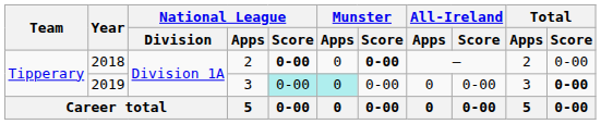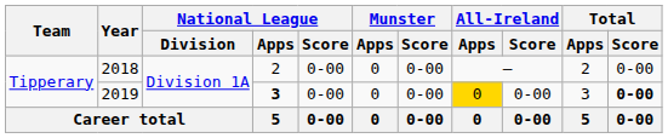 <table class="wikitable" style="text-align:center">
 <tr>
 <th rowspan="2">Team</th>
 <th rowspan="2">Year</th>
 <th colspan="3"><a href='#'>National League</a></th>
 <th colspan="2"><a href='#'>Munster</a></th>
 <th colspan="2"><a href='#'>All-Ireland</a></th>
 <th colspan="2">Total</th>
 </tr>
 <tr>
 <th>Division</th>
 <th>Apps</th>
 <th>Score</th>
 <th>Apps</th>
 <th>Score</th>
 <th>Apps</th>
 <th>Score</th>
 <th>Apps</th>
 <th>Score</th>
 </tr>
 <tr>
 <td rowspan="2"><a href='#'>Tipperary</a></td>
 <td>2018</td>
 <td rowspan="2"><a href='#'>Division 1A</a></td>
 <td>2</td>
-<td><strong>0-00</strong></td>
+<td>0-00</td>
 <td>0</td>
-<td><strong>0-00</strong></td>
+<td>0-00</td>
 <td colspan=2>—</td>
 <td>2</td>
 <td>0-00</td>
 </tr>
 <tr>
 <td>2019</td>
-<td>3</td>
-<td style="background: paleturquoise;">0-00</td>
-<td style="background: paleturquoise;">0</td>
+<td><strong>3</strong></td>
 <td>0-00</td>
 <td>0</td>
+<td>0-00</td>
+<td style="background: gold;">0</td>
 <td>0-00</td>
 <td>3</td>
 <td><strong>0-00</strong></td>
 </tr>
 <tr>
 <th colspan="3">Career total</th>
 <th>5</th>
 <th>0-00</th>
 <th>0</th>
 <th>0-00</th>
 <th>0</th>
 <th>0-00</th>
 <th>5</th>
 <th>0-00</th>
 </tr>
 </table>
